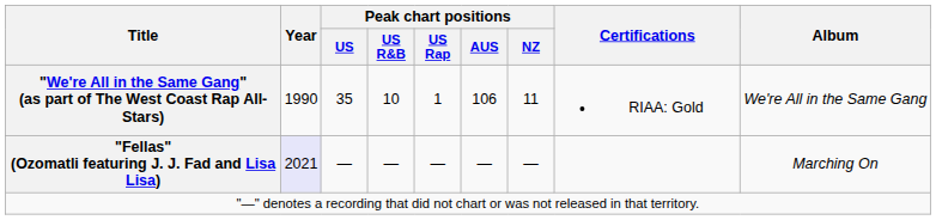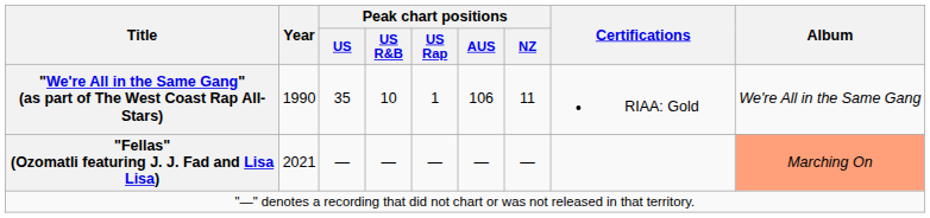 <table class="wikitable plainrowheaders" style="text-align:center;" border="1">
 <tr>
 <th scope="col" rowspan="2" style="width:18em;">Title</th>
 <th scope="col" rowspan="2">Year</th>
 <th scope="col" colspan="5">Peak chart positions</th>
 <th scope="col" rowspan="2" style="width:12em;"><a href='#'>Certifications</a></th>
 <th scope="col" rowspan="2">Album</th>
 </tr>
 <tr>
 <th scope="col" style="width:3em;font-size:90%;"><a href='#'>US</a><br></th>
 <th scope="col" style="width:3em;font-size:90%;"><a href='#'>US R&B</a><br></th>
 <th scope="col" style="width:3em;font-size:90%;"><a href='#'>US Rap</a><br></th>
 <th scope="col" style="width:3em;font-size:90%;"><a href='#'>AUS</a><br></th>
 <th scope="col" style="width:3em;font-size:90%;"><a href='#'>NZ</a><br></th>
 </tr>
 <tr>
 <th scope="row">"<a href='#'>We're All in the Same Gang</a>"<br><span>(as part of The West Coast Rap All-Stars)</span></th>
 <td>1990</td>
 <td style="text-align:center;">35</td>
 <td style="text-align:center;">10</td>
 <td style="text-align:center;">1</td>
 <td style="text-align:center;">106</td>
 <td style="text-align:center;">11</td>
 <td><br><ul><li>RIAA: Gold</li></ul></td>
 <td><em>We're All in the Same Gang</em></td>
 </tr>
 <tr>
 <th scope="row">"Fellas"<br><span>(Ozomatli featuring J. J. Fad and <a href='#'>Lisa Lisa</a>)</span></th>
-<td style="background: lavender;">2021</td>
+<td>2021</td>
 <td style="text-align:center;">—</td>
 <td style="text-align:center;">—</td>
 <td style="text-align:center;">—</td>
 <td style="text-align:center;">—</td>
 <td style="text-align:center;">—</td>
 <td></td>
-<td><em>Marching On</em></td>
+<td style="background: lightsalmon;"><em>Marching On</em></td>
 </tr>
 <tr>
 <td colspan="15" style="font-size:90%">"—" denotes a recording that did not chart or was not released in that territory.</td>
 </tr>
 </table>
